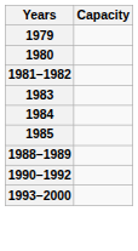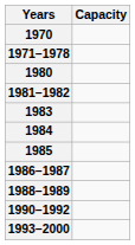 <table class="wikitable">
 <tr>
 <th scope="row">Years</th>
 <th scope="row">Capacity</th>
 </tr>
 <tr>
-<th scope="row">1979</th>
+<th scope="row">1970</th>
+<td></td>
+</tr>
+<tr>
+<th scope="row">1971–1978</th>
 <td></td>
 </tr>
 <tr>
 <th scope="row">1980</th>
 <td></td>
 </tr>
 <tr>
 <th scope="row">1981–1982</th>
 <td></td>
 </tr>
 <tr>
 <th scope="row">1983</th>
 <td></td>
 </tr>
 <tr>
 <th scope="row">1984</th>
 <td></td>
 </tr>
 <tr>
 <th scope="row">1985</th>
 <td></td>
 </tr>
 <tr>
+<th scope="row">1986–1987</th>
+<td></td>
+</tr>
+<tr>
 <th scope="row">1988–1989</th>
 <td></td>
 </tr>
 <tr>
 <th scope="row">1990–1992</th>
 <td></td>
 </tr>
 <tr>
 <th scope="row">1993–2000</th>
 <td></td>
 </tr>
 </table>
